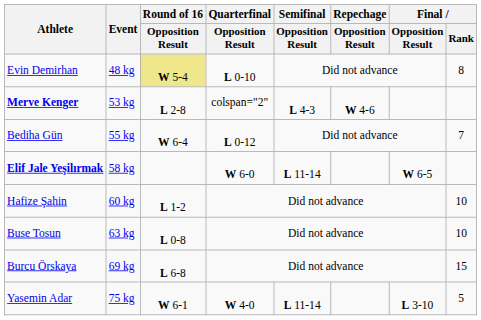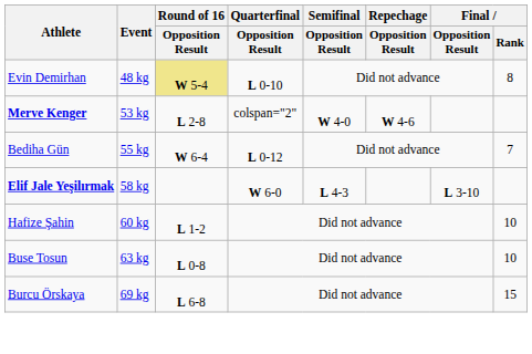 <table class="wikitable" style="font-size:90%">
 <tr>
 <th rowspan="2">Athlete</th>
 <th rowspan="2">Event</th>
 <th>Round of 16</th>
 <th>Quarterfinal</th>
 <th>Semifinal</th>
 <th>Repechage</th>
 <th colspan=2>Final / </th>
 </tr>
 <tr style="font-size: 95%">
 <th>Opposition<br>Result</th>
 <th>Opposition<br>Result</th>
 <th>Opposition<br>Result</th>
 <th>Opposition<br>Result</th>
 <th>Opposition<br>Result</th>
 <th>Rank</th>
 </tr>
 <tr align=center>
 <td align=left><a href='#'>Evin Demirhan</a></td>
 <td align=left><a href='#'>48 kg</a></td>
 <td style="background: khaki;"><br><strong>W</strong> 5-4</td>
 <td><br><strong>L</strong> 0-10</td>
 <td colspan="3">Did not advance</td>
 <td>8</td>
 </tr>
 <tr align=center>
 <td align=left><strong><a href='#'>Merve Kenger</a></strong></td>
 <td align=left><a href='#'>53 kg</a></td>
 <td><br><strong>L</strong> 2-8</td>
 <td>colspan="2" </td>
-<td><br><strong>L</strong> 4-3</td>
+<td><br><strong>W</strong> 4-0</td>
 <td><br><strong>W</strong> 4-6</td>
 <td></td>
 </tr>
 <tr align=center>
 <td align=left><a href='#'>Bediha Gün</a></td>
 <td align=left><a href='#'>55 kg</a></td>
 <td><br><strong>W</strong> 6-4</td>
 <td><br><strong>L</strong> 0-12</td>
 <td colspan="3">Did not advance</td>
 <td>7</td>
 </tr>
 <tr align=center>
 <td align=left><strong><a href='#'>Elif Jale Yeşilırmak</a></strong></td>
 <td align=left><a href='#'>58 kg</a></td>
 <td></td>
 <td><br><strong>W</strong> 6-0</td>
-<td><br><strong>L</strong> 11-14</td>
+<td><br><strong>L</strong> 4-3</td>
 <td></td>
-<td><br><strong>W</strong> 6-5</td>
+<td><br><strong>L</strong> 3-10</td>
 <td></td>
 </tr>
 <tr align=center>
 <td align=left><a href='#'>Hafize Şahin</a></td>
 <td align=left><a href='#'>60 kg</a></td>
 <td><br><strong>L</strong> 1-2</td>
 <td colspan="4">Did not advance</td>
 <td>10</td>
 </tr>
 <tr align=center>
 <td align=left><a href='#'>Buse Tosun</a></td>
 <td align=left><a href='#'>63 kg</a></td>
 <td><br><strong>L</strong> 0-8</td>
 <td colspan="4">Did not advance</td>
 <td>10</td>
 </tr>
 <tr align=center>
 <td align=left><a href='#'>Burcu Örskaya</a></td>
 <td align=left><a href='#'>69 kg</a></td>
 <td><br><strong>L</strong> 6-8</td>
 <td colspan="4">Did not advance</td>
 <td>15</td>
 </tr>
-<tr align=center>
-<td align=left><a href='#'>Yasemin Adar</a></td>
-<td align=left><a href='#'>75 kg</a></td>
-<td><br><strong>W</strong> 6-1</td>
-<td><br><strong>W</strong> 4-0</td>
-<td><br><strong>L</strong> 11-14</td>
-<td></td>
-<td><br><strong>L</strong> 3-10</td>
-<td>5</td>
-</tr>
 </table>
